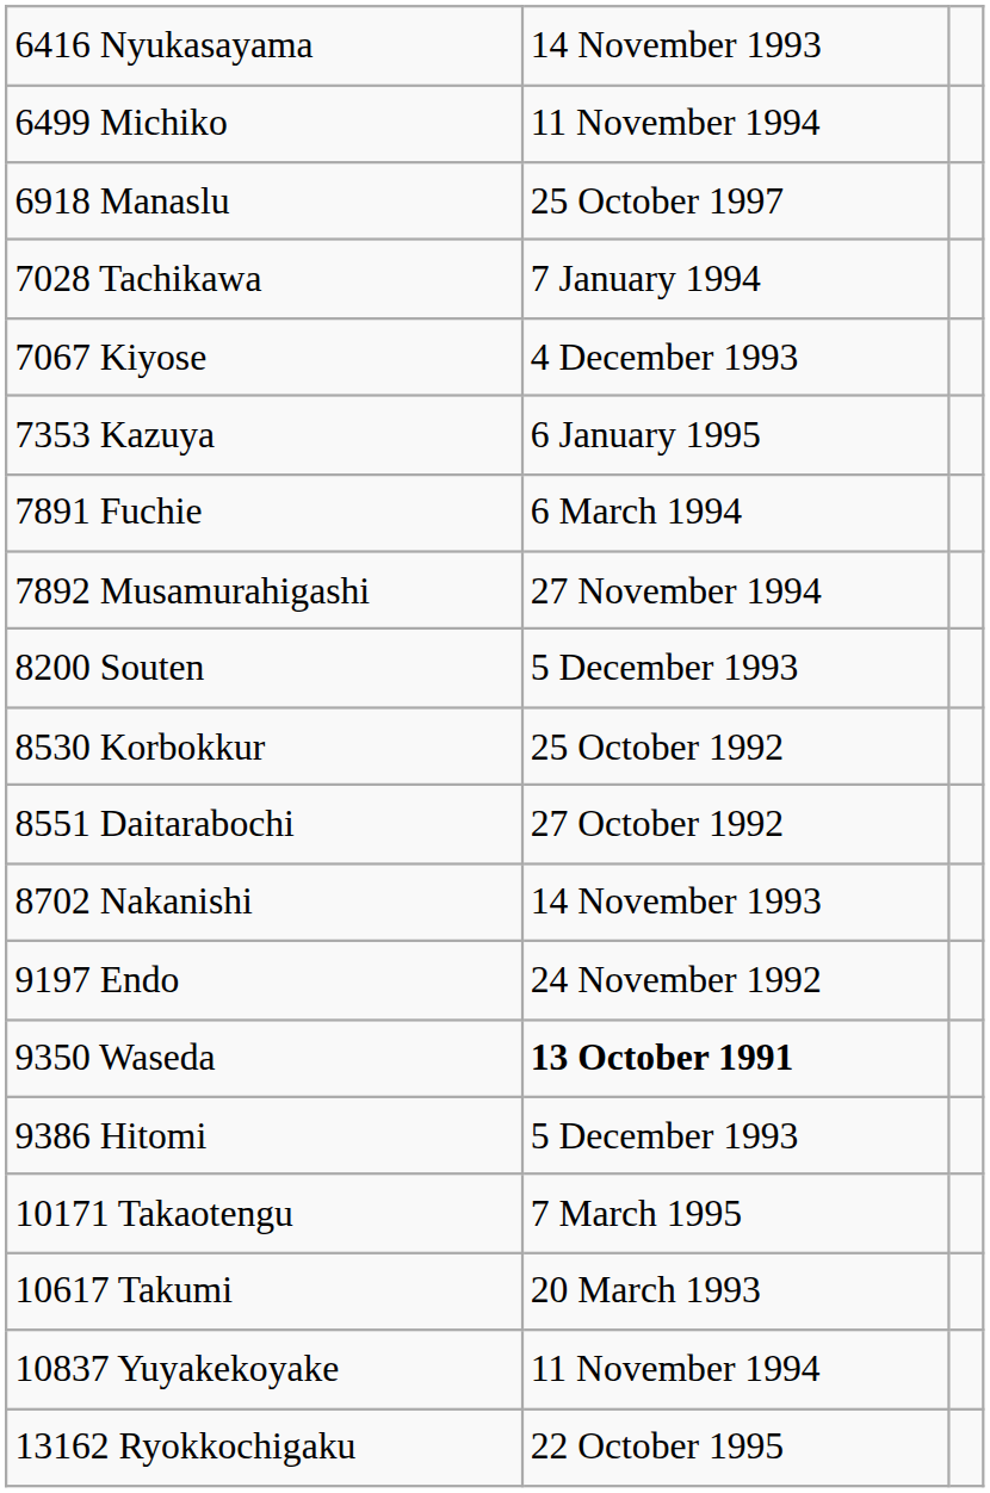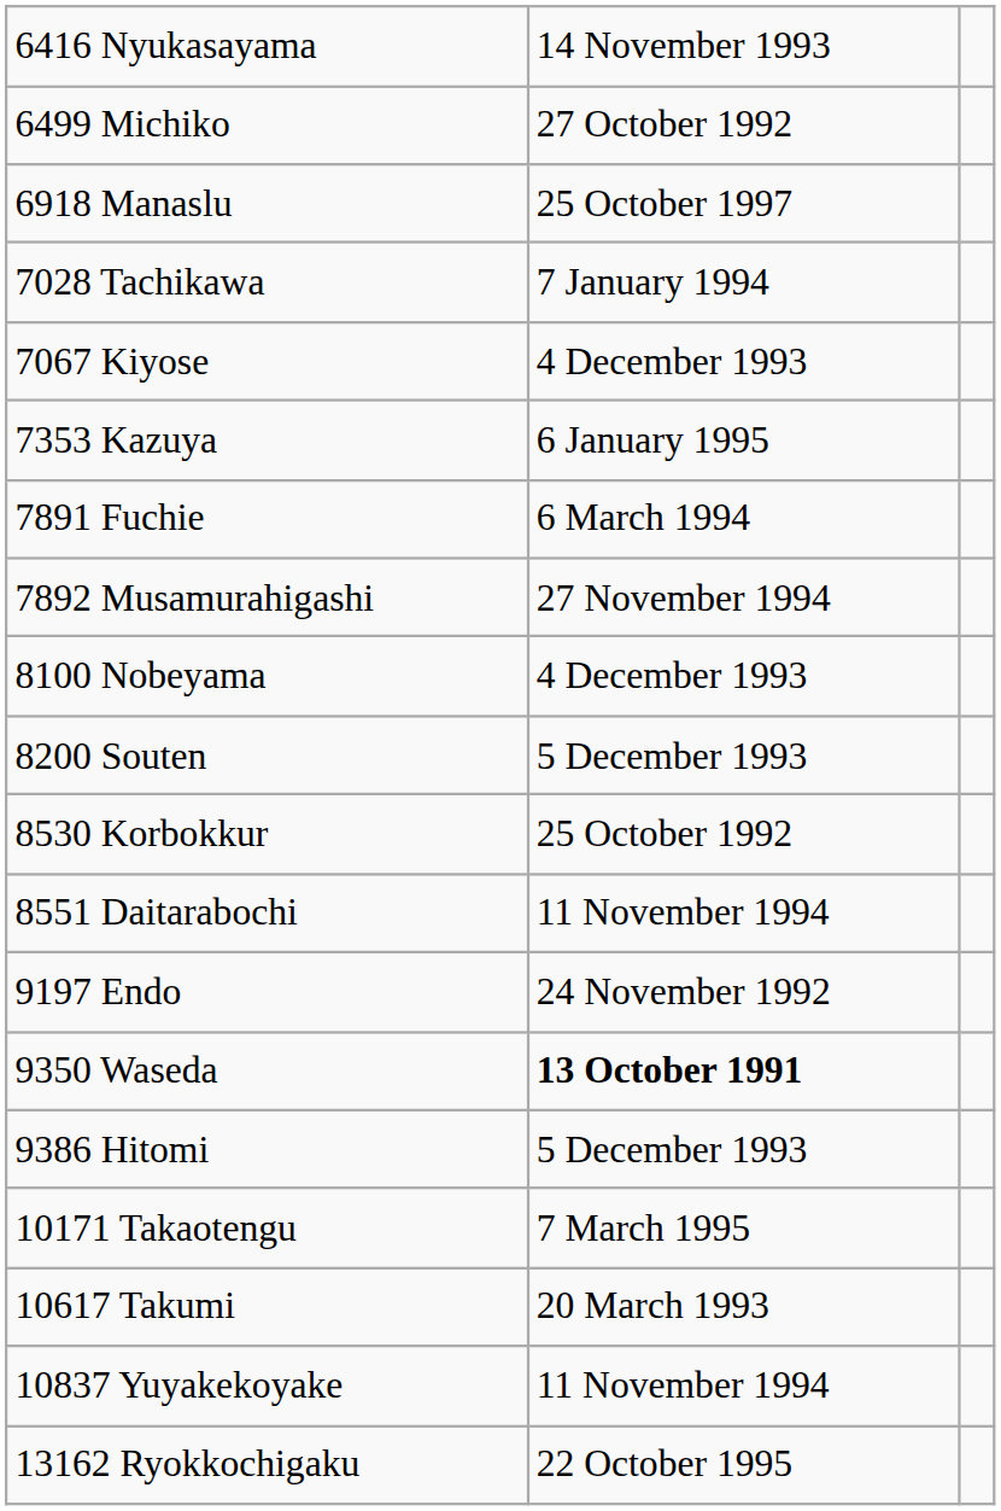 <table class="wikitable" style="font-size: 89%; float: left; width: 26em; margin-right: 1em; height: 560px;">
 <tr>
 <td>6416 Nyukasayama</td>
 <td>14 November 1993</td>
 <td> </td>
 </tr>
 <tr>
 <td>6499 Michiko</td>
-<td>11 November 1994</td>
+<td>27 October 1992</td>
 <td> </td>
 </tr>
 <tr>
 <td>6918 Manaslu</td>
 <td>25 October 1997</td>
 <td> </td>
 </tr>
 <tr>
 <td>7028 Tachikawa</td>
 <td>7 January 1994</td>
 <td> </td>
 </tr>
 <tr>
 <td>7067 Kiyose</td>
 <td>4 December 1993</td>
 <td> </td>
 </tr>
 <tr>
 <td>7353 Kazuya</td>
 <td>6 January 1995</td>
 <td> </td>
 </tr>
 <tr>
 <td>7891 Fuchie</td>
 <td>6 March 1994</td>
 <td> </td>
 </tr>
 <tr>
 <td>7892 Musamurahigashi</td>
 <td>27 November 1994</td>
 <td> </td>
 </tr>
 <tr>
+<td>8100 Nobeyama</td>
+<td>4 December 1993</td>
+<td> </td>
+</tr>
+<tr>
 <td>8200 Souten</td>
 <td>5 December 1993</td>
 <td> </td>
 </tr>
 <tr>
 <td>8530 Korbokkur</td>
 <td>25 October 1992</td>
 <td> </td>
 </tr>
 <tr>
 <td>8551 Daitarabochi</td>
-<td>27 October 1992</td>
-<td> </td>
-</tr>
-<tr>
-<td>8702 Nakanishi</td>
-<td>14 November 1993</td>
+<td>11 November 1994</td>
 <td> </td>
 </tr>
 <tr>
 <td>9197 Endo</td>
 <td>24 November 1992</td>
 <td> </td>
 </tr>
 <tr>
 <td>9350 Waseda</td>
 <td><strong>13 October 1991</strong></td>
 <td> </td>
 </tr>
 <tr>
 <td>9386 Hitomi</td>
 <td>5 December 1993</td>
 <td> </td>
 </tr>
 <tr>
 <td>10171 Takaotengu</td>
 <td>7 March 1995</td>
 <td> </td>
 </tr>
 <tr>
 <td>10617 Takumi</td>
 <td>20 March 1993</td>
 <td> </td>
 </tr>
 <tr>
 <td>10837 Yuyakekoyake</td>
 <td>11 November 1994</td>
 <td> </td>
 </tr>
 <tr>
 <td>13162 Ryokkochigaku</td>
 <td>22 October 1995</td>
 <td> </td>
 </tr>
 </table>
